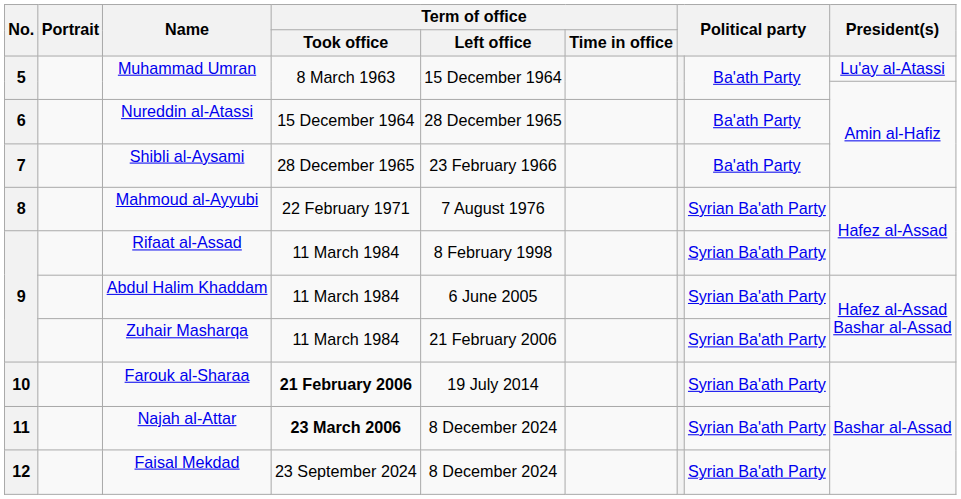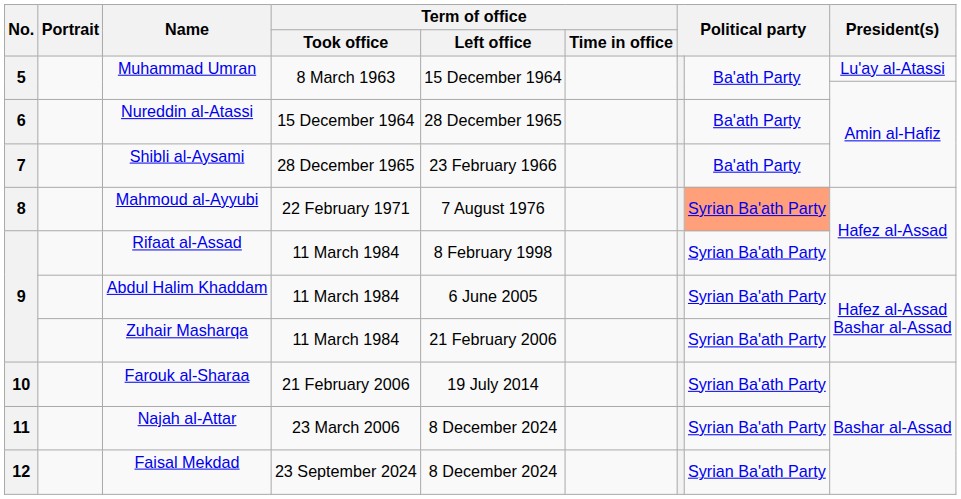 <table class="wikitable" style="text-align:center">
 <tr>
 <th rowspan="2">No.</th>
 <th rowspan="2">Portrait</th>
 <th rowspan="2">Name<br></th>
 <th colspan="3">Term of office</th>
 <th colspan="2" rowspan="2">Political party</th>
 <th rowspan="2">President(s)</th>
 </tr>
 <tr>
 <th>Took office</th>
 <th>Left office</th>
 <th>Time in office</th>
 </tr>
 <tr>
 <th rowspan="2">5</th>
 <td rowspan="2"></td>
 <td rowspan="2"><a href='#'>Muhammad Umran</a><br><br></td>
 <td rowspan="2">8 March 1963</td>
 <td rowspan="2">15 December 1964</td>
 <td rowspan="2"></td>
 <th rowspan="2" style="background:"></th>
 <td rowspan="2"><a href='#'>Ba'ath Party</a><br></td>
 <td><a href='#'>Lu'ay al-Atassi</a></td>
 </tr>
 <tr>
 <td rowspan="3"><a href='#'>Amin al-Hafiz</a></td>
 </tr>
 <tr>
 <th>6</th>
 <td></td>
 <td><a href='#'>Nureddin al-Atassi</a><br><br></td>
 <td>15 December 1964</td>
 <td>28 December 1965</td>
 <td></td>
 <th style="background:"></th>
 <td><a href='#'>Ba'ath Party</a><br></td>
 </tr>
 <tr>
 <th>7</th>
 <td></td>
 <td><a href='#'>Shibli al-Aysami</a><br><br></td>
 <td>28 December 1965</td>
 <td>23 February 1966</td>
 <td></td>
 <th style="background:"></th>
 <td><a href='#'>Ba'ath Party</a><br></td>
 </tr>
 <tr>
 <th>8</th>
 <td></td>
 <td><a href='#'>Mahmoud al-Ayyubi</a><br><br></td>
 <td>22 February 1971</td>
 <td>7 August 1976</td>
 <td></td>
 <th style="background:"></th>
-<td><a href='#'>Syrian Ba'ath Party</a><br></td>
+<td style="background: lightsalmon;"><a href='#'>Syrian Ba'ath Party</a><br></td>
 <td rowspan="2"><a href='#'>Hafez al-Assad</a></td>
 </tr>
 <tr>
 <th rowspan="3">9</th>
 <td></td>
 <td><a href='#'>Rifaat al-Assad</a><br><br></td>
 <td>11 March 1984</td>
 <td>8 February 1998</td>
 <td></td>
 <th style="background:"></th>
 <td><a href='#'>Syrian Ba'ath Party</a><br></td>
 </tr>
 <tr>
 <td></td>
 <td><a href='#'>Abdul Halim Khaddam</a><br><br></td>
 <td>11 March 1984</td>
 <td>6 June 2005</td>
 <td></td>
 <th style="background:"></th>
 <td><a href='#'>Syrian Ba'ath Party</a><br></td>
 <td rowspan="2"><a href='#'>Hafez al-Assad</a><br><a href='#'>Bashar al-Assad</a></td>
 </tr>
 <tr>
 <td></td>
 <td><a href='#'>Zuhair Masharqa</a><br><br></td>
 <td>11 March 1984</td>
 <td>21 February 2006</td>
 <td></td>
 <th style="background:"></th>
 <td><a href='#'>Syrian Ba'ath Party</a><br></td>
 </tr>
 <tr>
 <th>10</th>
 <td></td>
 <td><a href='#'>Farouk al-Sharaa</a><br><br></td>
-<td><strong>21 February 2006</strong></td>
+<td>21 February 2006</td>
 <td>19 July 2014</td>
 <td></td>
 <th style="background:"></th>
 <td><a href='#'>Syrian Ba'ath Party</a><br></td>
 <td rowspan="3"><a href='#'>Bashar al-Assad</a></td>
 </tr>
 <tr>
 <th>11</th>
 <td></td>
 <td><a href='#'>Najah al-Attar</a><br><br></td>
-<td><strong>23 March 2006</strong></td>
+<td>23 March 2006</td>
 <td>8 December 2024</td>
 <td></td>
 <th style="background:"></th>
 <td><a href='#'>Syrian Ba'ath Party</a><br></td>
 </tr>
 <tr>
 <th>12</th>
 <td></td>
 <td><a href='#'>Faisal Mekdad</a><br><br></td>
 <td>23 September 2024</td>
 <td>8 December 2024</td>
 <td></td>
 <th style="background:"></th>
 <td><a href='#'>Syrian Ba'ath Party</a><br></td>
 </tr>
 </table>
